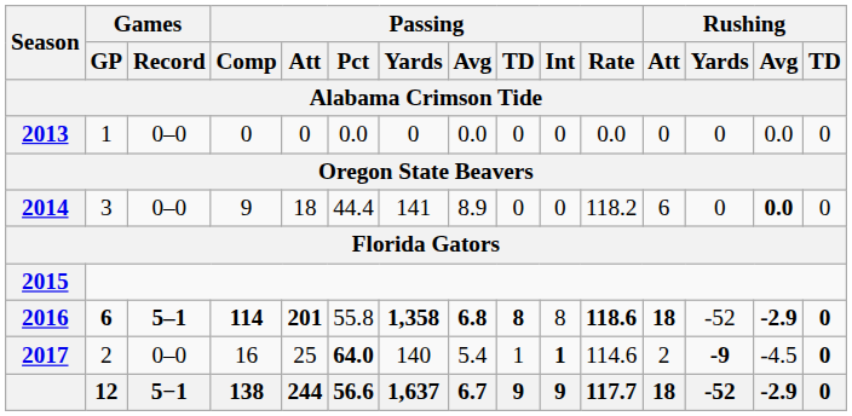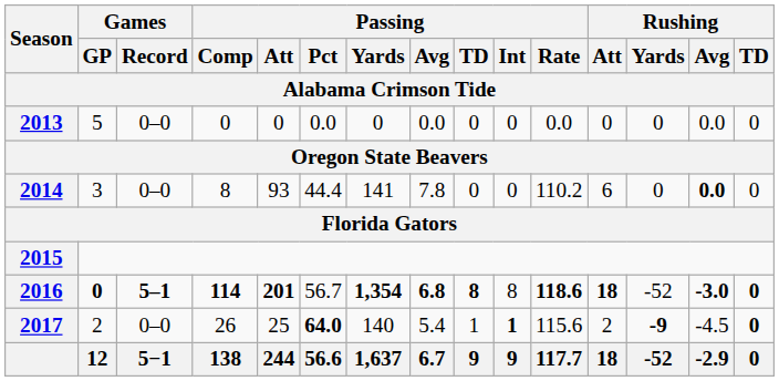 <table class="wikitable" style="text-align:center;">
 <tr>
 <th rowspan="2">Season</th>
 <th colspan="2">Games</th>
 <th colspan="8">Passing</th>
 <th colspan="4">Rushing</th>
 </tr>
 <tr>
 <th>GP</th>
 <th>Record</th>
 <th>Comp</th>
 <th>Att</th>
 <th>Pct</th>
 <th>Yards</th>
 <th>Avg</th>
 <th>TD</th>
 <th>Int</th>
 <th>Rate</th>
 <th>Att</th>
 <th>Yards</th>
 <th>Avg</th>
 <th>TD</th>
 </tr>
 <tr>
 <th colspan="16">Alabama Crimson Tide</th>
 </tr>
 <tr>
 <th><a href='#'>2013</a></th>
-<td>1</td>
+<td>5</td>
 <td>0–0</td>
 <td>0</td>
 <td>0</td>
 <td>0.0</td>
 <td>0</td>
 <td>0.0</td>
 <td>0</td>
 <td>0</td>
 <td>0.0</td>
 <td>0</td>
 <td>0</td>
 <td>0.0</td>
 <td>0</td>
 </tr>
 <tr>
 <th colspan="16">Oregon State Beavers</th>
 </tr>
 <tr>
 <th><a href='#'>2014</a></th>
 <td>3</td>
 <td>0–0</td>
-<td>9</td>
-<td>18</td>
+<td>8</td>
+<td>93</td>
 <td>44.4</td>
 <td>141</td>
-<td>8.9</td>
+<td>7.8</td>
 <td>0</td>
 <td>0</td>
-<td>118.2</td>
+<td>110.2</td>
 <td>6</td>
 <td>0</td>
 <td><strong>0.0</strong></td>
 <td>0</td>
 </tr>
 <tr>
 <th colspan="16">Florida Gators</th>
 </tr>
 <tr>
 <th><a href='#'>2015</a></th>
 <td colspan="15"></td>
 </tr>
 <tr>
 <th><a href='#'>2016</a></th>
-<td><strong>6</strong></td>
+<td><strong>0</strong></td>
 <td><strong>5–1</strong></td>
 <td><strong>114</strong></td>
 <td><strong>201</strong></td>
-<td>55.8</td>
-<td><strong>1,358</strong></td>
+<td>56.7</td>
+<td><strong>1,354</strong></td>
 <td><strong>6.8</strong></td>
 <td><strong>8</strong></td>
 <td>8</td>
 <td><strong>118.6</strong></td>
 <td><strong>18</strong></td>
 <td>-52</td>
-<td><strong>-2.9</strong></td>
+<td><strong>-3.0</strong></td>
 <td><strong>0</strong></td>
 </tr>
 <tr>
 <th><a href='#'>2017</a></th>
 <td>2</td>
 <td>0–0</td>
-<td>16</td>
+<td>26</td>
 <td>25</td>
 <td><strong>64.0</strong></td>
 <td>140</td>
 <td>5.4</td>
 <td>1</td>
 <td><strong>1</strong></td>
-<td>114.6</td>
+<td>115.6</td>
 <td>2</td>
 <td><strong>-9</strong></td>
 <td>-4.5</td>
 <td><strong>0</strong></td>
 </tr>
 <tr>
 <th></th>
 <th>12</th>
 <th>5−1</th>
 <th>138</th>
 <th>244</th>
 <th>56.6</th>
 <th>1,637</th>
 <th>6.7</th>
 <th>9</th>
 <th>9</th>
 <th>117.7</th>
 <th>18</th>
 <th>-52</th>
 <th>-2.9</th>
 <th>0</th>
 </tr>
 </table>
